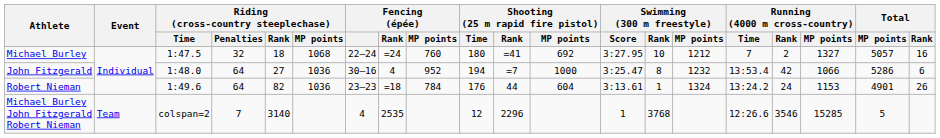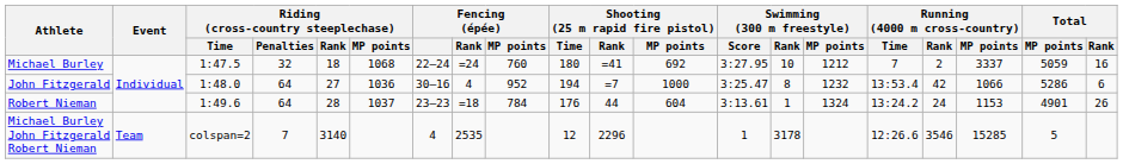 <table class=wikitable style=font-size:90%;text-align:center>
 <tr>
 <th rowspan=2>Athlete</th>
 <th rowspan=2>Event</th>
 <th colspan=4>Riding<br>(cross-country steeplechase)</th>
 <th colspan=3>Fencing<br>(épée)</th>
 <th colspan=3>Shooting<br>(25 m rapid fire pistol)</th>
 <th colspan=3>Swimming<br>(300 m freestyle)</th>
 <th colspan=3>Running<br>(4000 m cross-country)</th>
 <th colspan=2>Total</th>
 </tr>
 <tr style=font-size:95%>
 <th>Time</th>
 <th>Penalties</th>
 <th>Rank</th>
 <th>MP points</th>
 <th></th>
 <th>Rank</th>
 <th>MP points</th>
 <th>Time</th>
 <th>Rank</th>
 <th>MP points</th>
 <th>Score</th>
 <th>Rank</th>
 <th>MP points</th>
 <th>Time</th>
 <th>Rank</th>
 <th>MP points</th>
 <th>MP points</th>
 <th>Rank</th>
 </tr>
 <tr>
 <td align=left><a href='#'>Michael Burley</a></td>
 <td align=left rowspan=3><a href='#'>Individual</a></td>
 <td>1:47.5</td>
 <td>32</td>
 <td>18</td>
 <td>1068</td>
 <td>22–24</td>
 <td>=24</td>
 <td>760</td>
 <td>180</td>
 <td>=41</td>
 <td>692</td>
 <td>3:27.95</td>
 <td>10</td>
 <td>1212</td>
 <td>7</td>
 <td>2</td>
-<td>1327</td>
-<td>5057</td>
+<td>3337</td>
+<td>5059</td>
 <td>16</td>
 </tr>
 <tr>
 <td align=left><a href='#'>John Fitzgerald</a></td>
 <td>1:48.0</td>
 <td>64</td>
 <td>27</td>
 <td>1036</td>
 <td>30–16</td>
 <td>4</td>
 <td>952</td>
 <td>194</td>
 <td>=7</td>
 <td>1000</td>
 <td>3:25.47</td>
 <td>8</td>
 <td>1232</td>
 <td>13:53.4</td>
 <td>42</td>
 <td>1066</td>
 <td>5286</td>
 <td>6</td>
 </tr>
 <tr>
 <td align=left><a href='#'>Robert Nieman</a></td>
 <td>1:49.6</td>
 <td>64</td>
-<td>82</td>
-<td>1036</td>
+<td>28</td>
+<td>1037</td>
 <td>23–23</td>
 <td>=18</td>
 <td>784</td>
 <td>176</td>
 <td>44</td>
 <td>604</td>
 <td>3:13.61</td>
 <td>1</td>
 <td>1324</td>
 <td>13:24.2</td>
 <td>24</td>
 <td>1153</td>
 <td>4901</td>
 <td>26</td>
 </tr>
 <tr>
 <td align=left><a href='#'>Michael Burley</a><br><a href='#'>John Fitzgerald</a><br><a href='#'>Robert Nieman</a></td>
 <td align=left><a href='#'>Team</a></td>
 <td>colspan=2 </td>
 <td>7</td>
 <td>3140</td>
 <td></td>
 <td>4</td>
 <td>2535</td>
 <td></td>
 <td>12</td>
 <td>2296</td>
 <td></td>
 <td>1</td>
-<td>3768</td>
+<td>3178</td>
 <td></td>
 <td>12:26.6</td>
 <td>3546</td>
 <td>15285</td>
 <td>5</td>
 </tr>
 </table>
